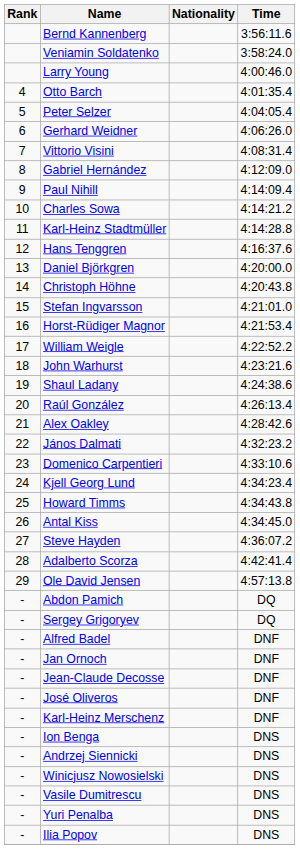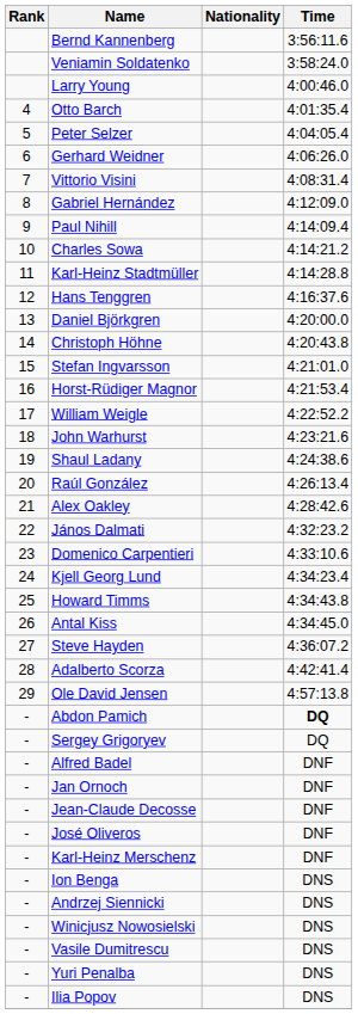 <table class="wikitable sortable" style="text-align:center">
 <tr>
 <th>Rank</th>
 <th>Name</th>
 <th>Nationality</th>
 <th>Time</th>
 </tr>
 <tr>
 <td></td>
 <td align=left><a href='#'>Bernd Kannenberg</a></td>
 <td align=left></td>
 <td>3:56:11.6</td>
 </tr>
 <tr>
 <td></td>
 <td align=left><a href='#'>Veniamin Soldatenko</a></td>
 <td align=left></td>
 <td>3:58:24.0</td>
 </tr>
 <tr>
 <td></td>
 <td align=left><a href='#'>Larry Young</a></td>
 <td align=left></td>
 <td>4:00:46.0</td>
 </tr>
 <tr>
 <td>4</td>
 <td align=left><a href='#'>Otto Barch</a></td>
 <td align=left></td>
 <td>4:01:35.4</td>
 </tr>
 <tr>
 <td>5</td>
 <td align=left><a href='#'>Peter Selzer</a></td>
 <td align=left></td>
 <td>4:04:05.4</td>
 </tr>
 <tr>
 <td>6</td>
 <td align=left><a href='#'>Gerhard Weidner</a></td>
 <td align=left></td>
 <td>4:06:26.0</td>
 </tr>
 <tr>
 <td>7</td>
 <td align=left><a href='#'>Vittorio Visini</a></td>
 <td align=left></td>
 <td>4:08:31.4</td>
 </tr>
 <tr>
 <td>8</td>
 <td align=left><a href='#'>Gabriel Hernández</a></td>
 <td align=left></td>
 <td>4:12:09.0</td>
 </tr>
 <tr>
 <td>9</td>
 <td align=left><a href='#'>Paul Nihill</a></td>
 <td align=left></td>
 <td>4:14:09.4</td>
 </tr>
 <tr>
 <td>10</td>
 <td align=left><a href='#'>Charles Sowa</a></td>
 <td align=left></td>
 <td>4:14:21.2</td>
 </tr>
 <tr>
 <td>11</td>
 <td align=left><a href='#'>Karl-Heinz Stadtmüller</a></td>
 <td align=left></td>
 <td>4:14:28.8</td>
 </tr>
 <tr>
 <td>12</td>
 <td align=left><a href='#'>Hans Tenggren</a></td>
 <td align=left></td>
 <td>4:16:37.6</td>
 </tr>
 <tr>
 <td>13</td>
 <td align=left><a href='#'>Daniel Björkgren</a></td>
 <td align=left></td>
 <td>4:20:00.0</td>
 </tr>
 <tr>
 <td>14</td>
 <td align=left><a href='#'>Christoph Höhne</a></td>
 <td align=left></td>
 <td>4:20:43.8</td>
 </tr>
 <tr>
 <td>15</td>
 <td align=left><a href='#'>Stefan Ingvarsson</a></td>
 <td align=left></td>
 <td>4:21:01.0</td>
 </tr>
 <tr>
 <td>16</td>
 <td align=left><a href='#'>Horst-Rüdiger Magnor</a></td>
 <td align=left></td>
 <td>4:21:53.4</td>
 </tr>
 <tr>
 <td>17</td>
 <td align=left><a href='#'>William Weigle</a></td>
 <td align=left></td>
 <td>4:22:52.2</td>
 </tr>
 <tr>
 <td>18</td>
 <td align=left><a href='#'>John Warhurst</a></td>
 <td align=left></td>
 <td>4:23:21.6</td>
 </tr>
 <tr>
 <td>19</td>
 <td align=left><a href='#'>Shaul Ladany</a></td>
 <td align=left></td>
 <td>4:24:38.6</td>
 </tr>
 <tr>
 <td>20</td>
 <td align=left><a href='#'>Raúl González</a></td>
 <td align=left></td>
 <td>4:26:13.4</td>
 </tr>
 <tr>
 <td>21</td>
 <td align=left><a href='#'>Alex Oakley</a></td>
 <td align=left></td>
 <td>4:28:42.6</td>
 </tr>
 <tr>
 <td>22</td>
 <td align=left><a href='#'>János Dalmati</a></td>
 <td align=left></td>
 <td>4:32:23.2</td>
 </tr>
 <tr>
 <td>23</td>
 <td align=left><a href='#'>Domenico Carpentieri</a></td>
 <td align=left></td>
 <td>4:33:10.6</td>
 </tr>
 <tr>
 <td>24</td>
 <td align=left><a href='#'>Kjell Georg Lund</a></td>
 <td align=left></td>
 <td>4:34:23.4</td>
 </tr>
 <tr>
 <td>25</td>
 <td align=left><a href='#'>Howard Timms</a></td>
 <td align=left></td>
 <td>4:34:43.8</td>
 </tr>
 <tr>
 <td>26</td>
 <td align=left><a href='#'>Antal Kiss</a></td>
 <td align=left></td>
 <td>4:34:45.0</td>
 </tr>
 <tr>
 <td>27</td>
 <td align=left><a href='#'>Steve Hayden</a></td>
 <td align=left></td>
 <td>4:36:07.2</td>
 </tr>
 <tr>
 <td>28</td>
 <td align=left><a href='#'>Adalberto Scorza</a></td>
 <td align=left></td>
 <td>4:42:41.4</td>
 </tr>
 <tr>
 <td>29</td>
 <td align=left><a href='#'>Ole David Jensen</a></td>
 <td align=left></td>
 <td>4:57:13.8</td>
 </tr>
 <tr>
 <td>-</td>
 <td align=left><a href='#'>Abdon Pamich</a></td>
 <td align=left></td>
-<td>DQ</td>
+<td><strong>DQ</strong></td>
 </tr>
 <tr>
 <td>-</td>
 <td align=left><a href='#'>Sergey Grigoryev</a></td>
 <td align=left></td>
 <td>DQ</td>
 </tr>
 <tr>
 <td>-</td>
 <td align=left><a href='#'>Alfred Badel</a></td>
 <td align=left></td>
 <td>DNF</td>
 </tr>
 <tr>
 <td>-</td>
 <td align=left><a href='#'>Jan Ornoch</a></td>
 <td align=left></td>
 <td>DNF</td>
 </tr>
 <tr>
 <td>-</td>
 <td align=left><a href='#'>Jean-Claude Decosse</a></td>
 <td align=left></td>
 <td>DNF</td>
 </tr>
 <tr>
 <td>-</td>
 <td align=left><a href='#'>José Oliveros</a></td>
 <td align=left></td>
 <td>DNF</td>
 </tr>
 <tr>
 <td>-</td>
 <td align=left><a href='#'>Karl-Heinz Merschenz</a></td>
 <td align=left></td>
 <td>DNF</td>
 </tr>
 <tr>
 <td>-</td>
 <td align=left><a href='#'>Ion Benga</a></td>
 <td align=left></td>
 <td>DNS</td>
 </tr>
 <tr>
 <td>-</td>
 <td align=left><a href='#'>Andrzej Siennicki</a></td>
 <td align=left></td>
 <td>DNS</td>
 </tr>
 <tr>
 <td>-</td>
 <td align=left><a href='#'>Winicjusz Nowosielski</a></td>
 <td align=left></td>
 <td>DNS</td>
 </tr>
 <tr>
 <td>-</td>
 <td align=left><a href='#'>Vasile Dumitrescu</a></td>
 <td align=left></td>
 <td>DNS</td>
 </tr>
 <tr>
 <td>-</td>
 <td align=left><a href='#'>Yuri Penalba</a></td>
 <td align=left></td>
 <td>DNS</td>
 </tr>
 <tr>
 <td>-</td>
 <td align=left><a href='#'>Ilia Popov</a></td>
 <td align=left></td>
 <td>DNS</td>
 </tr>
 <tr>
 </tr>
 </table>
